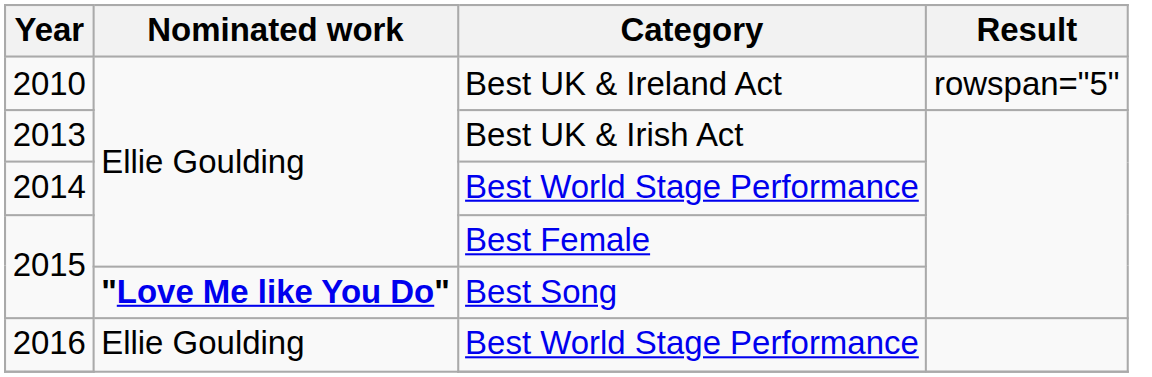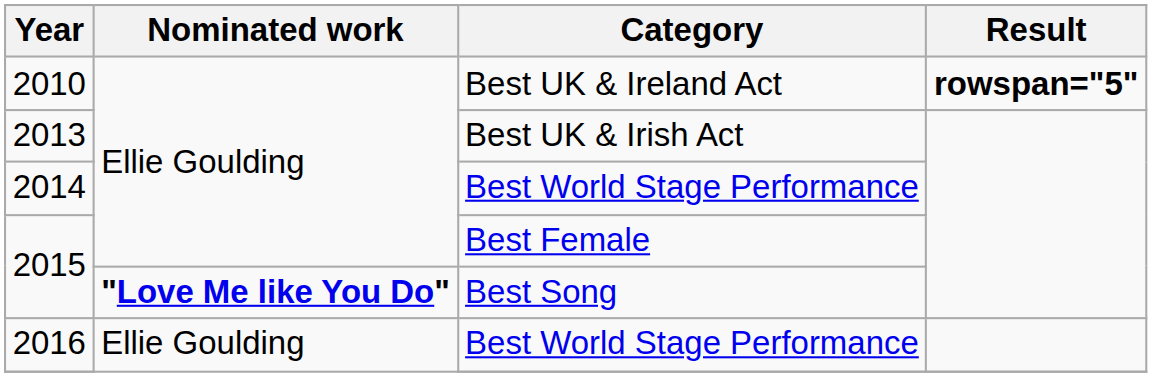 <table class="wikitable">
 <tr>
 <th>Year</th>
 <th>Nominated work</th>
 <th>Category</th>
 <th>Result</th>
 </tr>
 <tr>
 <td>2010</td>
 <td rowspan="4">Ellie Goulding</td>
 <td>Best UK & Ireland Act</td>
-<td>rowspan="5" </td>
+<td><strong>rowspan="5" </strong></td>
 </tr>
 <tr>
 <td>2013</td>
 <td>Best UK & Irish Act</td>
 </tr>
 <tr>
 <td>2014</td>
 <td><a href='#'>Best World Stage Performance</a></td>
 </tr>
 <tr>
 <td rowspan="2">2015</td>
 <td><a href='#'>Best Female</a></td>
 </tr>
 <tr>
 <td><strong>"<a href='#'>Love Me like You Do</a>"</strong></td>
 <td><a href='#'>Best Song</a></td>
 </tr>
 <tr>
 <td>2016</td>
 <td rowspan="4">Ellie Goulding</td>
 <td><a href='#'>Best World Stage Performance</a></td>
 <td></td>
 </tr>
 <tr>
 </tr>
 </table>
